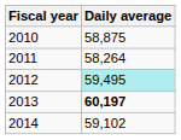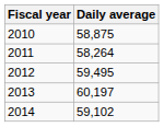 <table class="wikitable">
 <tr>
 <th>Fiscal year</th>
 <th>Daily average</th>
 </tr>
 <tr>
 <td>2010</td>
 <td>58,875</td>
 </tr>
 <tr>
 <td>2011</td>
 <td>58,264</td>
 </tr>
 <tr>
 <td>2012</td>
-<td style="background: paleturquoise;">59,495</td>
+<td>59,495</td>
 </tr>
 <tr>
 <td>2013</td>
-<td><strong>60,197</strong></td>
+<td>60,197</td>
 </tr>
 <tr>
 <td>2014</td>
 <td>59,102</td>
 </tr>
 </table>
